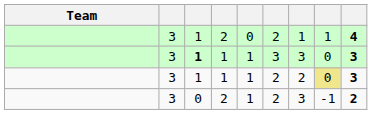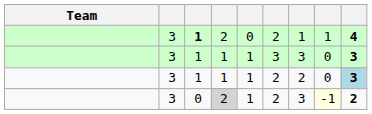 <table class="wikitable" style="text-align:center">
 <tr>
 <th width=150>Team</th>
 <th width=20></th>
 <th width=20></th>
 <th width=20></th>
 <th width=20></th>
 <th width=20></th>
 <th width=20></th>
 <th width=20></th>
 <th width=20></th>
 </tr>
 <tr style="background:#cfc;">
 <td align="left"></td>
 <td>3</td>
-<td>1</td>
+<td><strong>1</strong></td>
 <td>2</td>
 <td>0</td>
 <td>2</td>
 <td>1</td>
 <td>1</td>
 <td><strong>4</strong></td>
 </tr>
 <tr style="background:#cfc;">
 <td align="left"></td>
 <td>3</td>
-<td><strong>1</strong></td>
+<td>1</td>
 <td>1</td>
 <td>1</td>
 <td>3</td>
 <td>3</td>
 <td>0</td>
 <td><strong>3</strong></td>
 </tr>
 <tr>
 <td align="left"></td>
 <td>3</td>
 <td>1</td>
 <td>1</td>
 <td>1</td>
 <td>2</td>
 <td>2</td>
-<td style="background: khaki;">0</td>
-<td><strong>3</strong></td>
+<td>0</td>
+<td style="background: lightblue;"><strong>3</strong></td>
 </tr>
 <tr>
 <td align="left"></td>
 <td>3</td>
 <td>0</td>
-<td>2</td>
+<td style="background: lightgrey;">2</td>
 <td>1</td>
 <td>2</td>
 <td>3</td>
-<td>-1</td>
+<td style="background: lightyellow;">-1</td>
 <td><strong>2</strong></td>
 </tr>
 </table>
